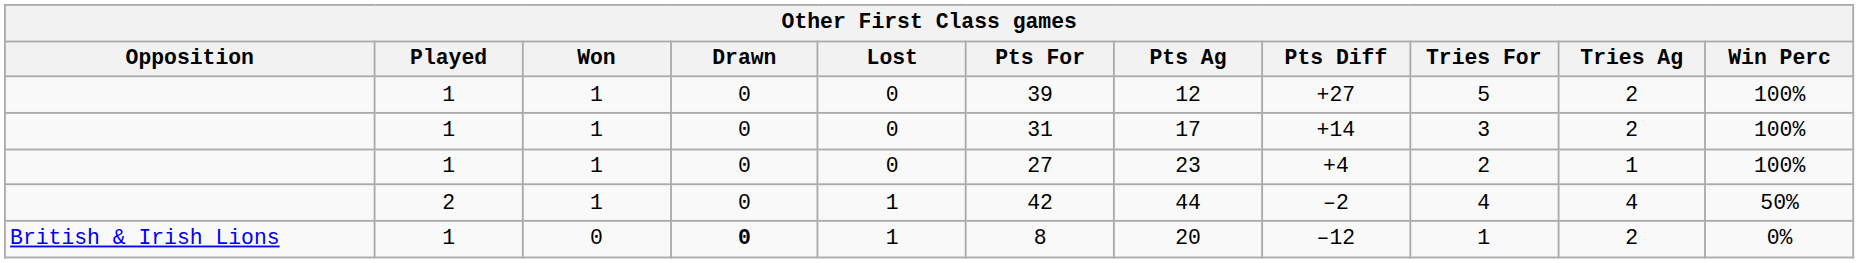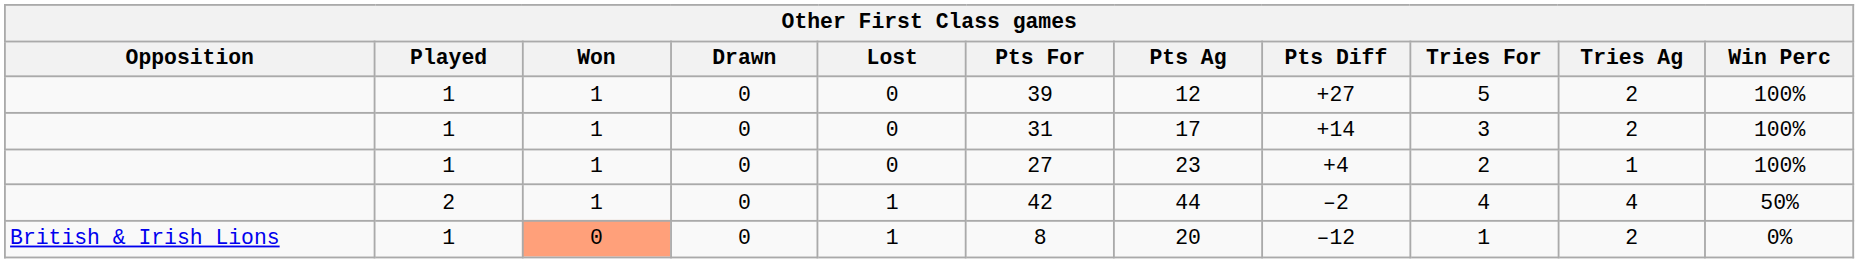 <table class="wikitable collapsible sortable"  style="text-align:center; font-size:90%; width:80%;">
 <tr>
 <th colspan=11>Other First Class games</th>
 </tr>
 <tr>
 <th style="width:20%;">Opposition</th>
 <th style="width:8%;">Played</th>
 <th style="width:8%;">Won</th>
 <th style="width:8%;">Drawn</th>
 <th style="width:8%;">Lost</th>
 <th style="width:8%;">Pts For</th>
 <th style="width:8%;">Pts Ag</th>
 <th style="width:8%;">Pts Diff</th>
 <th style="width:8%;">Tries For</th>
 <th style="width:8%;">Tries Ag</th>
 <th style="width:8%;">Win Perc<br></th>
 </tr>
 <tr>
 <td style="text-align:left;"></td>
 <td>1</td>
 <td>1</td>
 <td>0</td>
 <td>0</td>
 <td>39</td>
 <td>12</td>
 <td>+27</td>
 <td>5</td>
 <td>2</td>
 <td>100%</td>
 </tr>
 <tr>
 <td style="text-align:left;"></td>
 <td>1</td>
 <td>1</td>
 <td>0</td>
 <td>0</td>
 <td>31</td>
 <td>17</td>
 <td>+14</td>
 <td>3</td>
 <td>2</td>
 <td>100%</td>
 </tr>
 <tr>
 <td style="text-align:left;"></td>
 <td>1</td>
 <td>1</td>
 <td>0</td>
 <td>0</td>
 <td>27</td>
 <td>23</td>
 <td>+4</td>
 <td>2</td>
 <td>1</td>
 <td>100%</td>
 </tr>
 <tr>
 <td style="text-align:left;"></td>
 <td>2</td>
 <td>1</td>
 <td>0</td>
 <td>1</td>
 <td>42</td>
 <td>44</td>
 <td>–2</td>
 <td>4</td>
 <td>4</td>
 <td>50%</td>
 </tr>
 <tr>
 <td style="text-align:left;"><a href='#'>British & Irish Lions</a></td>
 <td>1</td>
+<td style="background: lightsalmon;">0</td>
 <td>0</td>
-<td><strong>0</strong></td>
 <td>1</td>
 <td>8</td>
 <td>20</td>
 <td>–12</td>
 <td>1</td>
 <td>2</td>
 <td>0%</td>
 </tr>
 </table>
